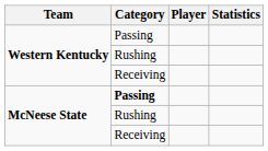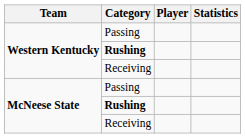 <table class="wikitable" style="float: right;">
 <tr>
 <th>Team</th>
 <th>Category</th>
 <th>Player</th>
 <th>Statistics</th>
 </tr>
 <tr>
 <td rowspan=3><strong>Western Kentucky</strong></td>
 <td>Passing</td>
 <td></td>
 <td></td>
 </tr>
 <tr>
-<td>Rushing</td>
+<td><strong>Rushing</strong></td>
 <td></td>
 <td></td>
 </tr>
 <tr>
 <td>Receiving</td>
 <td></td>
 <td></td>
 </tr>
 <tr>
 <td rowspan=3><strong>McNeese State</strong></td>
-<td><strong>Passing</strong></td>
+<td>Passing</td>
 <td></td>
 <td></td>
 </tr>
 <tr>
-<td>Rushing</td>
+<td><strong>Rushing</strong></td>
 <td></td>
 <td></td>
 </tr>
 <tr>
 <td>Receiving</td>
 <td></td>
 <td></td>
 </tr>
 </table>
